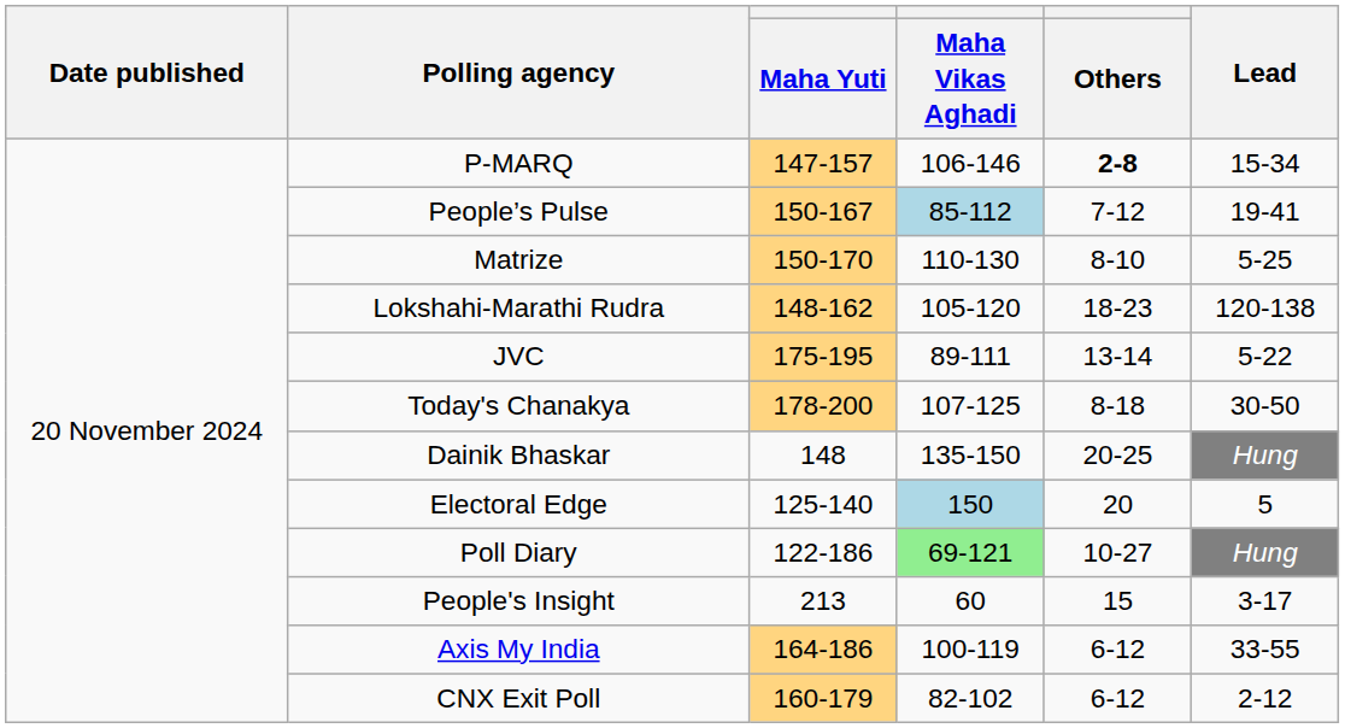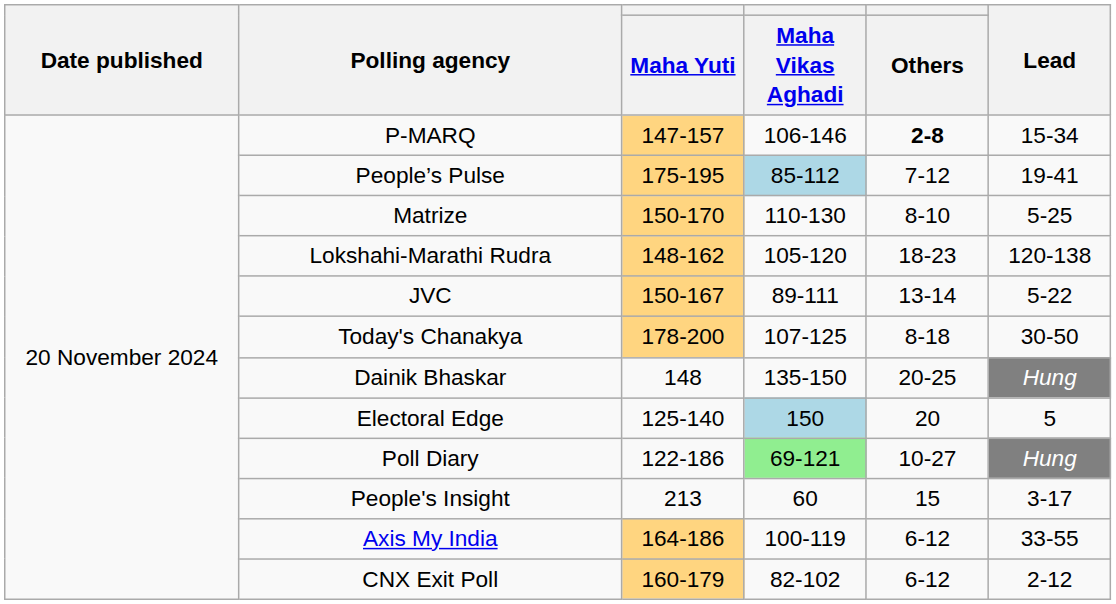 <table class="wikitable" style="text-align:center;font-size:95%;line-height:20px">
 <tr>
 <th rowspan="2" width="150px">Date published</th>
 <th rowspan="2" width="250px">Polling agency</th>
 <th style="color:inherit;background:"></th>
 <th style="color:inherit;background:"></th>
 <th style="color:inherit;background:"></th>
 <th rowspan="2" width="75px">Lead</th>
 </tr>
 <tr>
 <th style="width:75px;"><a href='#'>Maha Yuti</a></th>
 <th style="width:75px;"><a href='#'>Maha Vikas Aghadi</a></th>
 <th style="width:75px;">Others</th>
 </tr>
 <tr>
 <td rowspan="13">20 November 2024</td>
 <td>P-MARQ</td>
 <td style="background:#FFD580;">147-157</td>
 <td>106-146</td>
 <td><strong>2-8</strong></td>
 <td style="background:">15-34</td>
 </tr>
 <tr>
 <td>People’s Pulse</td>
-<td style="background:#FFD580;">150-167</td>
+<td style="background:#FFD580;">175-195</td>
 <td style="background: lightblue;">85-112</td>
 <td>7-12</td>
 <td style="background:">19-41</td>
 </tr>
 <tr>
 <td>Matrize</td>
 <td style="background:#FFD580;">150-170</td>
 <td>110-130</td>
 <td>8-10</td>
 <td style="background:">5-25</td>
 </tr>
 <tr>
 <td>Lokshahi-Marathi Rudra</td>
 <td style="background:#FFD580;">148-162</td>
 <td>105-120</td>
 <td>18-23</td>
 <td>120-138</td>
 </tr>
 <tr>
 <td>JVC</td>
-<td style="background:#FFD580;">175-195</td>
+<td style="background:#FFD580;">150-167</td>
 <td>89-111</td>
 <td>13-14</td>
 <td style="background:">5-22</td>
 </tr>
 <tr>
 <td>Today's Chanakya</td>
 <td style="background:#FFD580;">178-200</td>
 <td>107-125</td>
 <td>8-18</td>
 <td style="background:">30-50</td>
 </tr>
 <tr>
 <td>Dainik Bhaskar</td>
 <td>148</td>
 <td>135-150</td>
 <td>20-25</td>
 <td style="background:gray; color:white;"><em>Hung</em></td>
 </tr>
 <tr>
 <td>Electoral Edge</td>
 <td>125-140</td>
 <td style="background:#ADD8E6;">150</td>
 <td>20</td>
 <td style="background:">5</td>
 </tr>
 <tr>
 <td>Poll Diary</td>
 <td>122-186</td>
 <td style="background: lightgreen;">69-121</td>
 <td>10-27</td>
 <td style="background:gray; color:white;"><em>Hung</em></td>
 </tr>
 <tr>
 <td>People's Insight</td>
 <td>213</td>
 <td>60</td>
 <td>15</td>
 <td style="background:">3-17</td>
 </tr>
 <tr>
 <td><a href='#'>Axis My India</a></td>
 <td style="background:#FFD580;">164-186</td>
 <td>100-119</td>
 <td>6-12</td>
 <td style="background:">33-55</td>
 </tr>
 <tr>
 <td>CNX Exit Poll </td>
 <td style="background:#FFD580;">160-179</td>
 <td>82-102</td>
 <td>6-12</td>
 <td style="background:">2-12</td>
 </tr>
 </table>
